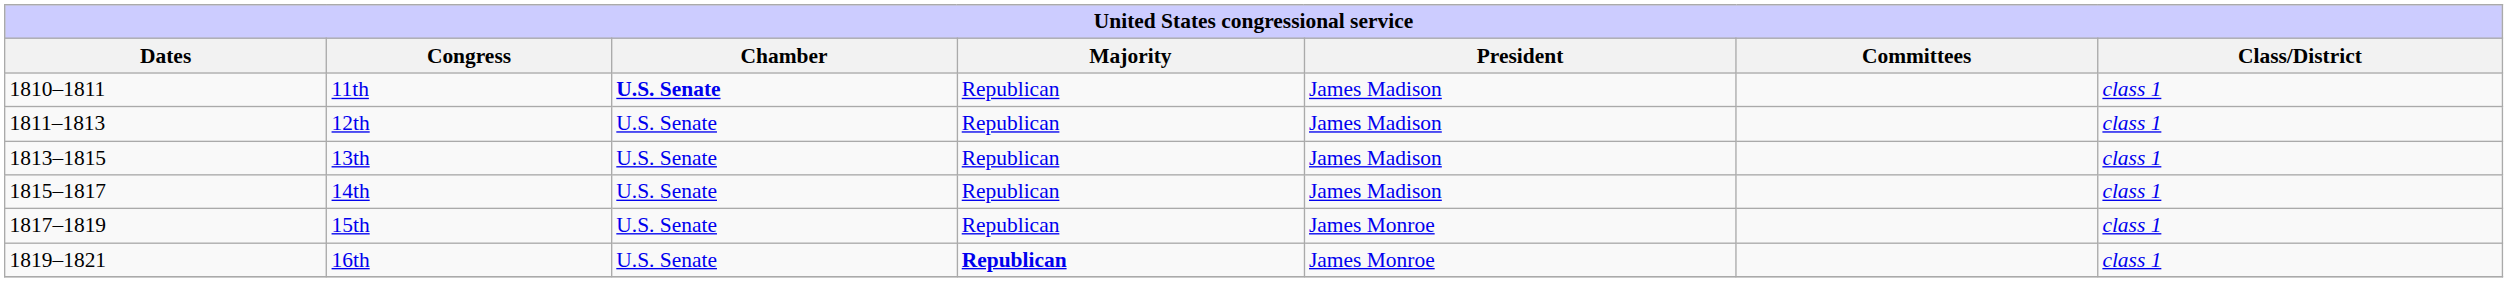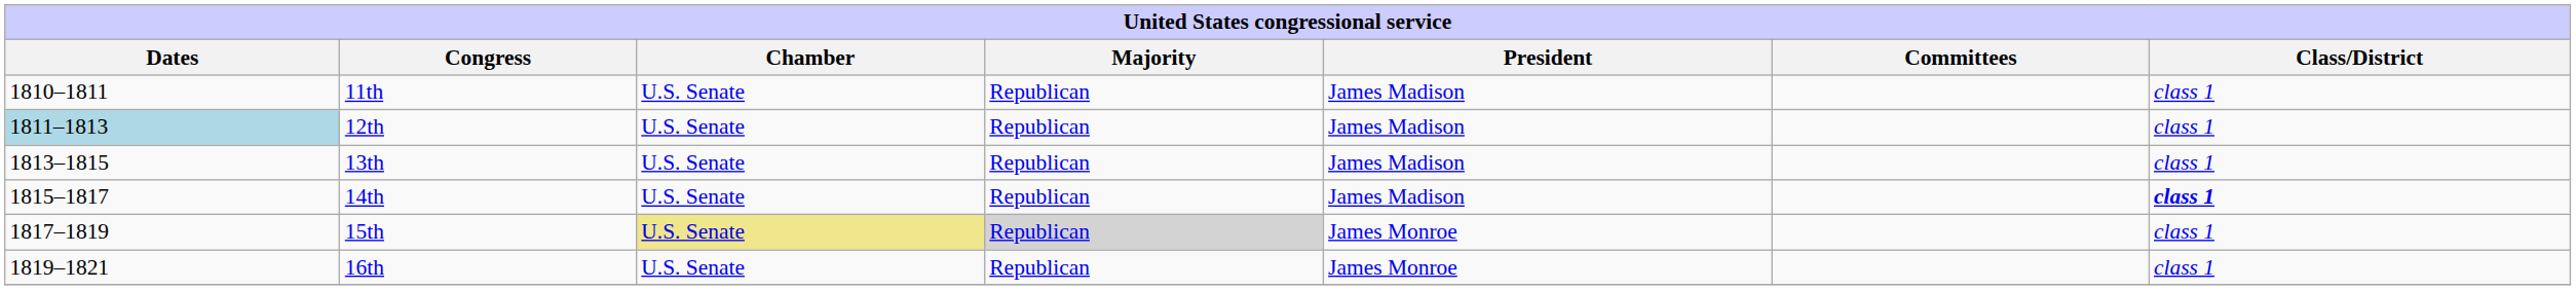 <table class=wikitable style="width: 94%" style="text-align: center;" align="center">
 <tr bgcolor=#cccccc>
 <th colspan=7 style="background: #ccccff;">United States congressional service</th>
 </tr>
 <tr>
 <th><strong>Dates</strong></th>
 <th><strong>Congress</strong></th>
 <th><strong>Chamber</strong></th>
 <th><strong>Majority</strong></th>
 <th><strong>President</strong></th>
 <th><strong>Committees</strong></th>
 <th><strong>Class/District</strong></th>
 </tr>
 <tr>
 <td>1810–1811</td>
 <td><a href='#'>11th</a></td>
-<td><strong><a href='#'>U.S. Senate</a></strong></td>
+<td><a href='#'>U.S. Senate</a></td>
 <td><a href='#'>Republican</a></td>
 <td><a href='#'>James Madison</a></td>
 <td></td>
 <td><a href='#'><em>class 1</em></a></td>
 </tr>
 <tr>
-<td>1811–1813</td>
+<td style="background: lightblue;">1811–1813</td>
 <td><a href='#'>12th</a></td>
 <td><a href='#'>U.S. Senate</a></td>
 <td><a href='#'>Republican</a></td>
 <td><a href='#'>James Madison</a></td>
 <td></td>
 <td><a href='#'><em>class 1</em></a></td>
 </tr>
 <tr>
 <td>1813–1815</td>
 <td><a href='#'>13th</a></td>
 <td><a href='#'>U.S. Senate</a></td>
 <td><a href='#'>Republican</a></td>
 <td><a href='#'>James Madison</a></td>
 <td></td>
 <td><a href='#'><em>class 1</em></a></td>
 </tr>
 <tr>
 <td>1815–1817</td>
 <td><a href='#'>14th</a></td>
 <td><a href='#'>U.S. Senate</a></td>
 <td><a href='#'>Republican</a></td>
 <td><a href='#'>James Madison</a></td>
 <td></td>
-<td><a href='#'><em>class 1</em></a></td>
+<td><strong><a href='#'><em>class 1</em></a></strong></td>
 </tr>
 <tr>
 <td>1817–1819</td>
 <td><a href='#'>15th</a></td>
-<td><a href='#'>U.S. Senate</a></td>
-<td><a href='#'>Republican</a></td>
+<td style="background: khaki;"><a href='#'>U.S. Senate</a></td>
+<td style="background: lightgrey;"><a href='#'>Republican</a></td>
 <td><a href='#'>James Monroe</a></td>
 <td></td>
 <td><a href='#'><em>class 1</em></a></td>
 </tr>
 <tr>
 <td>1819–1821</td>
 <td><a href='#'>16th</a></td>
 <td><a href='#'>U.S. Senate</a></td>
-<td><strong><a href='#'>Republican</a></strong></td>
+<td><a href='#'>Republican</a></td>
 <td><a href='#'>James Monroe</a></td>
 <td></td>
 <td><a href='#'><em>class 1</em></a></td>
 </tr>
 <tr>
 </tr>
 </table>
